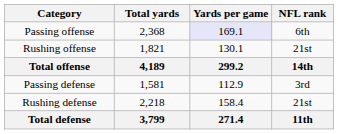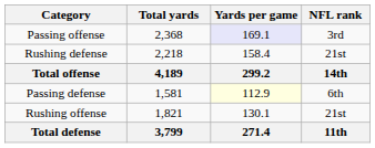 <table class="wikitable" style="text-align:center">
 <tr>
 <th width=150px>Category</th>
 <th width=100px>Total yards</th>
 <th width=110px>Yards per game</th>
 <th width=80px>NFL rank<br></th>
 </tr>
 <tr>
 <td>Passing offense</td>
 <td>2,368</td>
 <td style="background: lavender;">169.1</td>
-<td>6th</td>
+<td>3rd</td>
 </tr>
 <tr>
-<td>Rushing offense</td>
-<td>1,821</td>
-<td>130.1</td>
+<td>Rushing defense</td>
+<td>2,218</td>
+<td>158.4</td>
 <td>21st</td>
 </tr>
 <tr>
 <th>Total offense</th>
 <th>4,189</th>
 <th>299.2</th>
 <th>14th</th>
 </tr>
 <tr>
 <td>Passing defense</td>
 <td>1,581</td>
-<td>112.9</td>
-<td>3rd</td>
+<td style="background: lightyellow;">112.9</td>
+<td>6th</td>
 </tr>
 <tr>
-<td>Rushing defense</td>
-<td>2,218</td>
-<td>158.4</td>
+<td>Rushing offense</td>
+<td>1,821</td>
+<td>130.1</td>
 <td>21st</td>
 </tr>
 <tr>
 <th>Total defense</th>
 <th>3,799</th>
 <th>271.4</th>
 <th>11th</th>
 </tr>
 </table>
